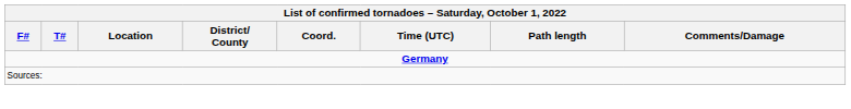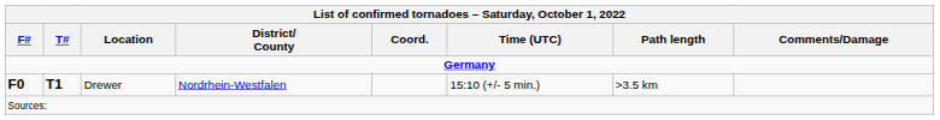 <table class="wikitable collapsible" width="100%">
 <tr>
 <th colspan="8">List of confirmed tornadoes – Saturday, October 1, 2022</th>
 </tr>
 <tr>
 <th><a href='#'>F#</a></th>
 <th><a href='#'>T#</a></th>
 <th>Location</th>
 <th>District/<br>County</th>
 <th>Coord.</th>
 <th>Time (UTC)</th>
 <th>Path length</th>
 <th>Comments/Damage</th>
 </tr>
 <tr>
 <td colspan="8" align=center><strong><a href='#'>Germany</a></strong></td>
 </tr>
 <tr>
+<td><big><strong>F0</strong></big></td>
+<td><big><strong>T1</strong></big></td>
+<td>Drewer</td>
+<td><a href='#'>Nordrhein-Westfalen</a></td>
+<td></td>
+<td>15:10 (+/- 5 min.)</td>
+<td>>3.5 km</td>
+<td></td>
+</tr>
+<tr>
 <td colspan="8"><small>Sources:  </small></td>
 </tr>
 </table>
